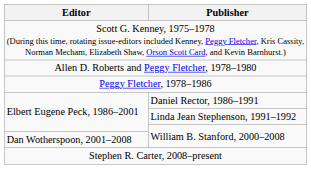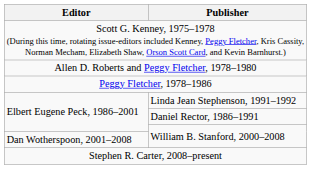 <table class="wikitable">
 <tr>
 <th>Editor</th>
 <th>Publisher</th>
 </tr>
 <tr>
 <td colspan=2 align=center>Scott G. Kenney, 1975–1978 <br> <small>(During this time, rotating issue-editors included Kenney, <a href='#'>Peggy Fletcher</a>, Kris Cassity, <br> Norman Mecham, Elizabeth Shaw, <a href='#'>Orson Scott Card</a>, and Kevin Barnhurst.)</small> </td>
 </tr>
 <tr>
 <td colspan=2 align=center>Allen D. Roberts and <a href='#'>Peggy Fletcher</a>, 1978–1980</td>
 </tr>
 <tr>
 <td colspan=2 align=center><a href='#'>Peggy Fletcher</a>, 1978–1986 </td>
 </tr>
 <tr>
 <td rowspan=3><br>Elbert Eugene Peck, 1986–2001<br><br> </td>
-<td>Daniel Rector, 1986–1991</td>
+<td>Linda Jean Stephenson, 1991–1992 </td>
 </tr>
 <tr>
-<td>Linda Jean Stephenson, 1991–1992 </td>
+<td>Daniel Rector, 1986–1991</td>
 </tr>
 <tr>
 <td rowspan=2>William B. Stanford, 2000–2008 </td>
 </tr>
 <tr>
 <td>Dan Wotherspoon, 2001–2008</td>
 </tr>
 <tr>
 <td colspan=2 align=center>Stephen R. Carter, 2008–present </td>
 </tr>
 </table>
